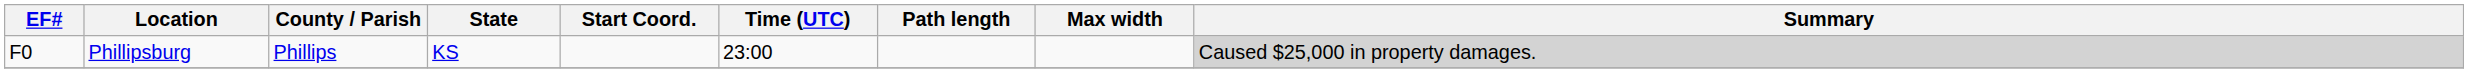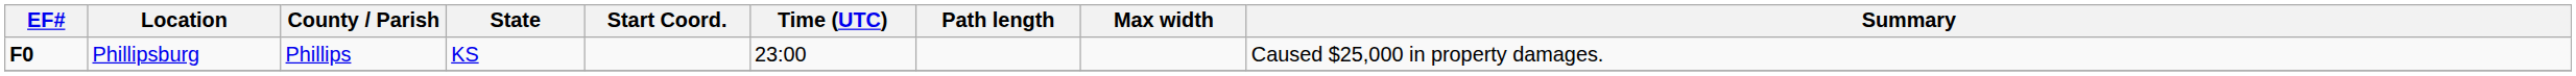 <table class="wikitable sortable" style="width:100%;">
 <tr>
 <th scope="col"  style="width:3%; text-align:center;"><a href='#'>EF#</a></th>
 <th scope="col"  style="width:7%; text-align:center;" class="unsortable">Location</th>
 <th scope="col"  style="width:6%; text-align:center;" class="unsortable">County / Parish</th>
 <th scope="col"  style="width:5%; text-align:center;">State</th>
 <th scope="col"  style="width:6%; text-align:center;">Start Coord.</th>
 <th scope="col"  style="width:6%; text-align:center;">Time (<a href='#'>UTC</a>)</th>
 <th scope="col"  style="width:6%; text-align:center;">Path length</th>
 <th scope="col"  style="width:6%; text-align:center;">Max width</th>
 <th scope="col" class="unsortable" style="width:48%; text-align:center;">Summary</th>
 </tr>
 <tr>
-<td bgcolor=>F0</td>
+<td bgcolor=><strong>F0</strong></td>
 <td><a href='#'>Phillipsburg</a></td>
 <td><a href='#'>Phillips</a></td>
 <td><a href='#'>KS</a></td>
 <td></td>
 <td>23:00</td>
 <td></td>
 <td></td>
-<td style="background: lightgrey;">Caused $25,000 in property damages.</td>
+<td>Caused $25,000 in property damages.</td>
 </tr>
 <tr>
 </tr>
 </table>
